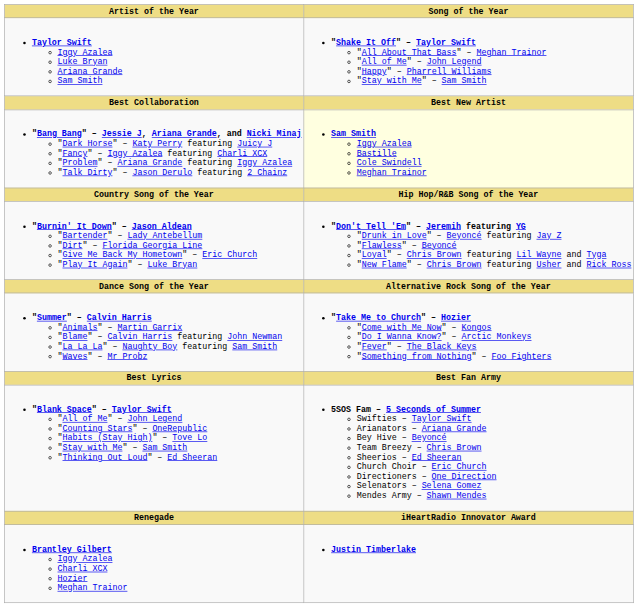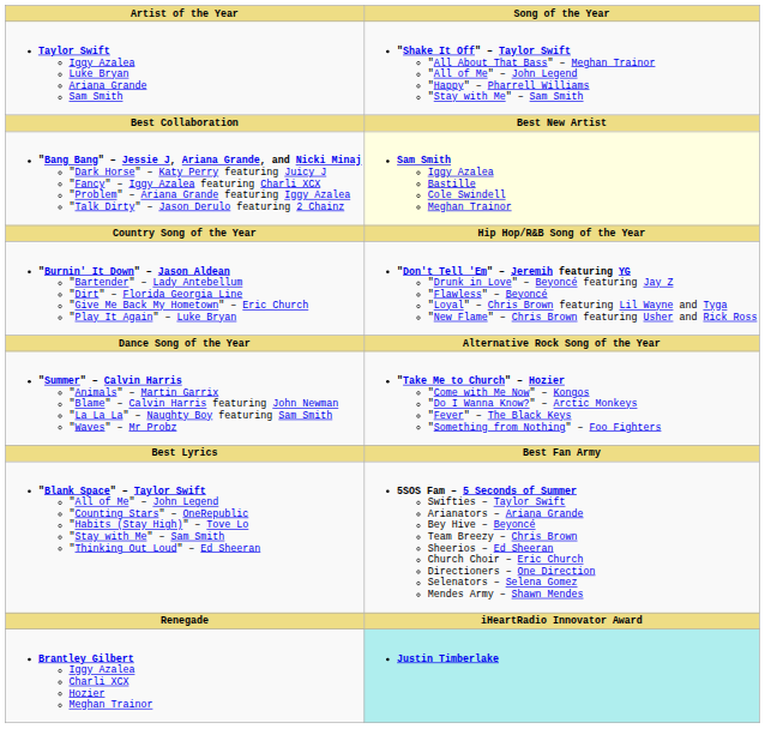 <table class=wikitable>
 <tr>
 <th style="background:#EEDD85; width=50%">Artist of the Year</th>
 <th style="background:#EEDD85; width=50%">Song of the Year</th>
 </tr>
 <tr>
 <td valign="top"><br><ul><li><strong><a href='#'>Taylor Swift</a></strong><ul><li><a href='#'>Iggy Azalea</a></li><li><a href='#'>Luke Bryan</a></li><li><a href='#'>Ariana Grande</a></li><li><a href='#'>Sam Smith</a></li></ul></li></ul></td>
 <td valign="top"><br><ul><li><strong>"<a href='#'>Shake It Off</a>" – <a href='#'>Taylor Swift</a></strong><ul><li>"<a href='#'>All About That Bass</a>" – <a href='#'>Meghan Trainor</a></li><li>"<a href='#'>All of Me</a>" – <a href='#'>John Legend</a></li><li>"<a href='#'>Happy</a>" – <a href='#'>Pharrell Williams</a></li><li>"<a href='#'>Stay with Me</a>" – <a href='#'>Sam Smith</a></li></ul></li></ul></td>
 </tr>
 <tr>
 <th style="background:#EEDD85; width=50%">Best Collaboration</th>
 <th style="background:#EEDD85; width=50%">Best New Artist</th>
 </tr>
 <tr>
 <td valign="top"><br><ul><li><strong>"<a href='#'>Bang Bang</a>" – <a href='#'>Jessie J</a>, <a href='#'>Ariana Grande</a>, and <a href='#'>Nicki Minaj</a></strong><ul><li>"<a href='#'>Dark Horse</a>" – <a href='#'>Katy Perry</a> featuring <a href='#'>Juicy J</a></li><li>"<a href='#'>Fancy</a>" – <a href='#'>Iggy Azalea</a> featuring <a href='#'>Charli XCX</a></li><li>"<a href='#'>Problem</a>" – <a href='#'>Ariana Grande</a> featuring <a href='#'>Iggy Azalea</a></li><li>"<a href='#'>Talk Dirty</a>" – <a href='#'>Jason Derulo</a> featuring <a href='#'>2 Chainz</a></li></ul></li></ul></td>
 <td valign="top" style="background: lightyellow;"><br><ul><li><strong><a href='#'>Sam Smith</a></strong><ul><li><a href='#'>Iggy Azalea</a></li><li><a href='#'>Bastille</a></li><li><a href='#'>Cole Swindell</a></li><li><a href='#'>Meghan Trainor</a></li></ul></li></ul></td>
 </tr>
 <tr>
 <th style="background:#EEDD85; width=50%">Country Song of the Year</th>
 <th style="background:#EEDD85; width=50%">Hip Hop/R&B Song of the Year</th>
 </tr>
 <tr>
 <td valign="top"><br><ul><li><strong>"<a href='#'>Burnin' It Down</a>" – <a href='#'>Jason Aldean</a></strong><ul><li>"<a href='#'>Bartender</a>" – <a href='#'>Lady Antebellum</a></li><li>"<a href='#'>Dirt</a>" – <a href='#'>Florida Georgia Line</a></li><li>"<a href='#'>Give Me Back My Hometown</a>" – <a href='#'>Eric Church</a></li><li>"<a href='#'>Play It Again</a>" – <a href='#'>Luke Bryan</a></li></ul></li></ul></td>
 <td valign="top"><br><ul><li><strong>"<a href='#'>Don't Tell 'Em</a>" – <a href='#'>Jeremih</a> featuring <a href='#'>YG</a></strong><ul><li>"<a href='#'>Drunk in Love</a>" – <a href='#'>Beyoncé</a> featuring <a href='#'>Jay Z</a></li><li>"<a href='#'>Flawless</a>" – <a href='#'>Beyoncé</a></li><li>"<a href='#'>Loyal</a>" – <a href='#'>Chris Brown</a> featuring <a href='#'>Lil Wayne</a> and <a href='#'>Tyga</a></li><li>"<a href='#'>New Flame</a>" – <a href='#'>Chris Brown</a> featuring <a href='#'>Usher</a> and <a href='#'>Rick Ross</a></li></ul></li></ul></td>
 </tr>
 <tr>
 <th style="background:#EEDD85; width=50%">Dance Song of the Year</th>
 <th style="background:#EEDD85; width=50%">Alternative Rock Song of the Year</th>
 </tr>
 <tr>
 <td valign="top"><br><ul><li><strong>"<a href='#'>Summer</a>" – <a href='#'>Calvin Harris</a></strong><ul><li>"<a href='#'>Animals</a>" – <a href='#'>Martin Garrix</a></li><li>"<a href='#'>Blame</a>" – <a href='#'>Calvin Harris</a> featuring <a href='#'>John Newman</a></li><li>"<a href='#'>La La La</a>" – <a href='#'>Naughty Boy</a> featuring <a href='#'>Sam Smith</a></li><li>"<a href='#'>Waves</a>" – <a href='#'>Mr Probz</a></li></ul></li></ul></td>
 <td valign="top"><br><ul><li><strong>"<a href='#'>Take Me to Church</a>" – <a href='#'>Hozier</a></strong><ul><li>"<a href='#'>Come with Me Now</a>" – <a href='#'>Kongos</a></li><li>"<a href='#'>Do I Wanna Know?</a>" – <a href='#'>Arctic Monkeys</a></li><li>"<a href='#'>Fever</a>" – <a href='#'>The Black Keys</a></li><li>"<a href='#'>Something from Nothing</a>" – <a href='#'>Foo Fighters</a></li></ul></li></ul></td>
 </tr>
 <tr>
 <th style="background:#EEDD85; width=50%">Best Lyrics</th>
 <th style="background:#EEDD85; width=50%">Best Fan Army</th>
 </tr>
 <tr>
 <td valign="top"><br><ul><li><strong>"<a href='#'>Blank Space</a>" – <a href='#'>Taylor Swift</a></strong><ul><li>"<a href='#'>All of Me</a>" – <a href='#'>John Legend</a></li><li>"<a href='#'>Counting Stars</a>" – <a href='#'>OneRepublic</a></li><li>"<a href='#'>Habits (Stay High)</a>" – <a href='#'>Tove Lo</a></li><li>"<a href='#'>Stay with Me</a>" – <a href='#'>Sam Smith</a></li><li>"<a href='#'>Thinking Out Loud</a>" – <a href='#'>Ed Sheeran</a></li></ul></li></ul></td>
 <td valign="top"><br><ul><li><strong>5SOS Fam – <a href='#'>5 Seconds of Summer</a></strong><ul><li>Swifties – <a href='#'>Taylor Swift</a></li><li>Arianators – <a href='#'>Ariana Grande</a></li><li>Bey Hive – <a href='#'>Beyoncé</a></li><li>Team Breezy – <a href='#'>Chris Brown</a></li><li>Sheerios – <a href='#'>Ed Sheeran</a></li><li>Church Choir – <a href='#'>Eric Church</a></li><li>Directioners – <a href='#'>One Direction</a></li><li>Selenators – <a href='#'>Selena Gomez</a></li><li>Mendes Army – <a href='#'>Shawn Mendes</a></li></ul></li></ul></td>
 </tr>
 <tr>
 <th style="background:#EEDD85; width=50%">Renegade</th>
 <th style="background:#EEDD85; width=50%">iHeartRadio Innovator Award</th>
 </tr>
 <tr>
 <td valign="top"><br><ul><li><strong><a href='#'>Brantley Gilbert</a></strong><ul><li><a href='#'>Iggy Azalea</a></li><li><a href='#'>Charli XCX</a></li><li><a href='#'>Hozier</a></li><li><a href='#'>Meghan Trainor</a></li></ul></li></ul></td>
-<td valign="top"><br><ul><li><strong><a href='#'>Justin Timberlake</a></strong></li></ul></td>
+<td valign="top" style="background: paleturquoise;"><br><ul><li><strong><a href='#'>Justin Timberlake</a></strong></li></ul></td>
 </tr>
 </table>
